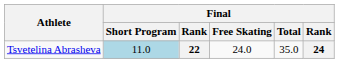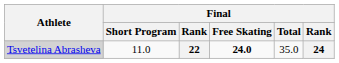 <table class="wikitable" style="font-size:90%">
 <tr>
 <th rowspan="2">Athlete</th>
 <th colspan="9">Final</th>
 </tr>
 <tr>
 <th>Short Program</th>
 <th>Rank</th>
 <th>Free Skating</th>
 <th>Total</th>
 <th>Rank</th>
 </tr>
 <tr>
-<td><a href='#'>Tsvetelina Abrasheva</a></td>
-<td align="center" style="background: lightblue;">11.0</td>
+<td style="background: lightgrey;"><a href='#'>Tsvetelina Abrasheva</a></td>
+<td align="center">11.0</td>
 <th align="center">22</th>
-<td align="center">24.0</td>
+<td align="center"><strong>24.0</strong></td>
 <td align="center">35.0</td>
 <th align="center">24</th>
 </tr>
 </table>
